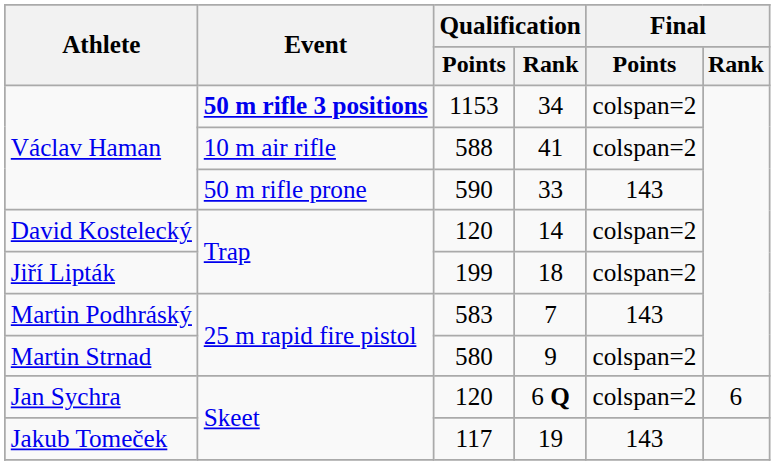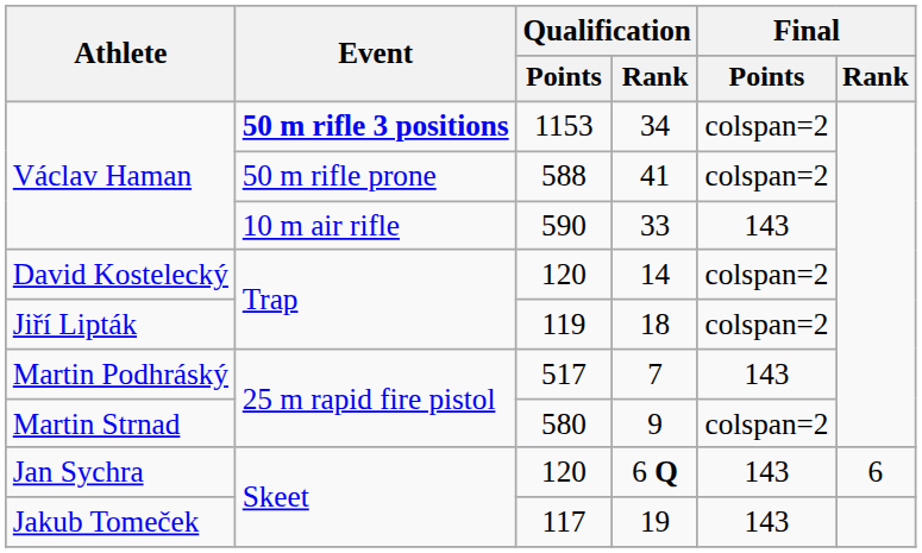 <table class="wikitable" style="font-size:90%">
 <tr>
 <th rowspan="2">Athlete</th>
 <th rowspan="2">Event</th>
 <th colspan=2>Qualification</th>
 <th colspan=2>Final</th>
 </tr>
 <tr style="font-size:95%">
 <th>Points</th>
 <th>Rank</th>
 <th>Points</th>
 <th>Rank</th>
 </tr>
 <tr align=center>
 <td align=left rowspan=3><a href='#'>Václav Haman</a></td>
 <td align=left><strong><a href='#'>50 m rifle 3 positions</a></strong></td>
 <td>1153</td>
 <td>34</td>
 <td>colspan=2 </td>
 </tr>
 <tr align=center>
-<td align=left><a href='#'>10 m air rifle</a></td>
+<td align=left><a href='#'>50 m rifle prone</a></td>
 <td>588</td>
 <td>41</td>
 <td>colspan=2 </td>
 </tr>
 <tr align=center>
-<td align=left><a href='#'>50 m rifle prone</a></td>
+<td align=left><a href='#'>10 m air rifle</a></td>
 <td>590</td>
 <td>33</td>
 <td>143</td>
 </tr>
 <tr align=center>
 <td align=left><a href='#'>David Kostelecký</a></td>
 <td align=left rowspan=2><a href='#'>Trap</a></td>
 <td>120</td>
 <td>14</td>
 <td>colspan=2 </td>
 </tr>
 <tr align=center>
 <td align=left><a href='#'>Jiří Lipták</a></td>
-<td>199</td>
+<td>119</td>
 <td>18</td>
 <td>colspan=2 </td>
 </tr>
 <tr align=center>
 <td align=left><a href='#'>Martin Podhráský</a></td>
 <td align=left rowspan=2><a href='#'>25 m rapid fire pistol</a></td>
-<td>583</td>
+<td>517</td>
 <td>7</td>
 <td>143</td>
 </tr>
 <tr align=center>
 <td align=left><a href='#'>Martin Strnad</a></td>
 <td>580</td>
 <td>9</td>
 <td>colspan=2 </td>
 </tr>
 <tr align=center>
 <td align=left><a href='#'>Jan Sychra</a></td>
 <td align=left rowspan=2><a href='#'>Skeet</a></td>
 <td>120</td>
 <td>6 <strong>Q</strong></td>
-<td>colspan=2 </td>
+<td>143</td>
 <td>6</td>
 </tr>
 <tr align=center>
 <td align=left><a href='#'>Jakub Tomeček</a></td>
 <td>117</td>
 <td>19</td>
 <td>143</td>
 </tr>
 </table>
